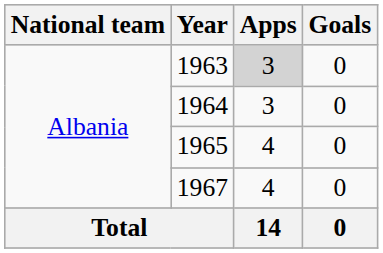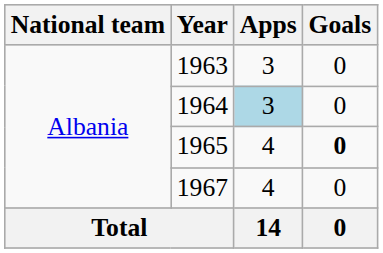 <table class=wikitable style="text-align: center;">
 <tr>
 <th>National team</th>
 <th>Year</th>
 <th>Apps</th>
 <th>Goals</th>
 </tr>
 <tr>
 <td rowspan=4><a href='#'>Albania</a></td>
 <td>1963</td>
-<td style="background: lightgrey;">3</td>
+<td>3</td>
 <td>0</td>
 </tr>
 <tr>
 <td>1964</td>
-<td>3</td>
+<td style="background: lightblue;">3</td>
 <td>0</td>
 </tr>
 <tr>
 <td>1965</td>
 <td>4</td>
-<td>0</td>
+<td><strong>0</strong></td>
 </tr>
 <tr>
 <td>1967</td>
 <td>4</td>
 <td>0</td>
 </tr>
 <tr>
 <th colspan=2>Total</th>
 <th>14</th>
 <th>0</th>
 </tr>
 </table>
